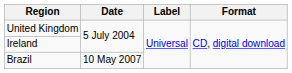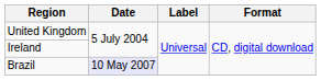 <table class="wikitable sortable">
 <tr>
 <th>Region</th>
 <th>Date</th>
 <th>Label</th>
 <th>Format</th>
 </tr>
 <tr>
 <td>United Kingdom</td>
 <td rowspan="2">5 July 2004</td>
 <td rowspan="3"><a href='#'>Universal</a></td>
 <td rowspan="3"><a href='#'>CD</a>, <a href='#'>digital download</a></td>
 </tr>
 <tr>
 <td>Ireland</td>
 </tr>
 <tr>
 <td>Brazil</td>
-<td>10 May 2007</td>
+<td style="background: lavender;">10 May 2007</td>
 </tr>
 </table>
